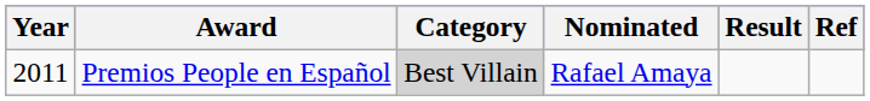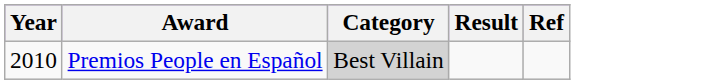 <table class="wikitable plainrowheaders" style="text-align:center;">
 <tr style="background:#96c;">
 <th scope="col">Year</th>
 <th scope="col">Award</th>
 <th scope="col">Category</th>
-<th scope="col">Nominated</th>
 <th scope="col">Result</th>
 <th scope="col">Ref</th>
 </tr>
 <tr>
-<td rowspan="1">2011</td>
+<td rowspan="1">2010</td>
 <td scope="row"><a href='#'>Premios People en Español</a></td>
 <td style="background: lightgrey;">Best Villain</td>
-<td><a href='#'>Rafael Amaya</a></td>
 <td></td>
 <td style="text-align:center;"></td>
 </tr>
 </table>
